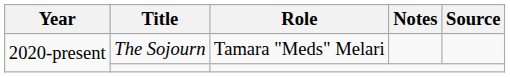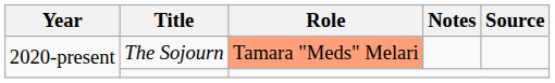 <table class="wikitable sortable plainrowheaders">
 <tr>
 <th>Year</th>
 <th>Title</th>
 <th>Role</th>
 <th>Notes</th>
 <th>Source</th>
 </tr>
 <tr>
 <td rowspan="2">2020-present</td>
 <td><em>The Sojourn</em></td>
-<td>Tamara "Meds" Melari</td>
+<td style="background: lightsalmon;">Tamara "Meds" Melari</td>
 <td></td>
 <td></td>
 </tr>
 <tr>
 <td></td>
 </tr>
 </table>
